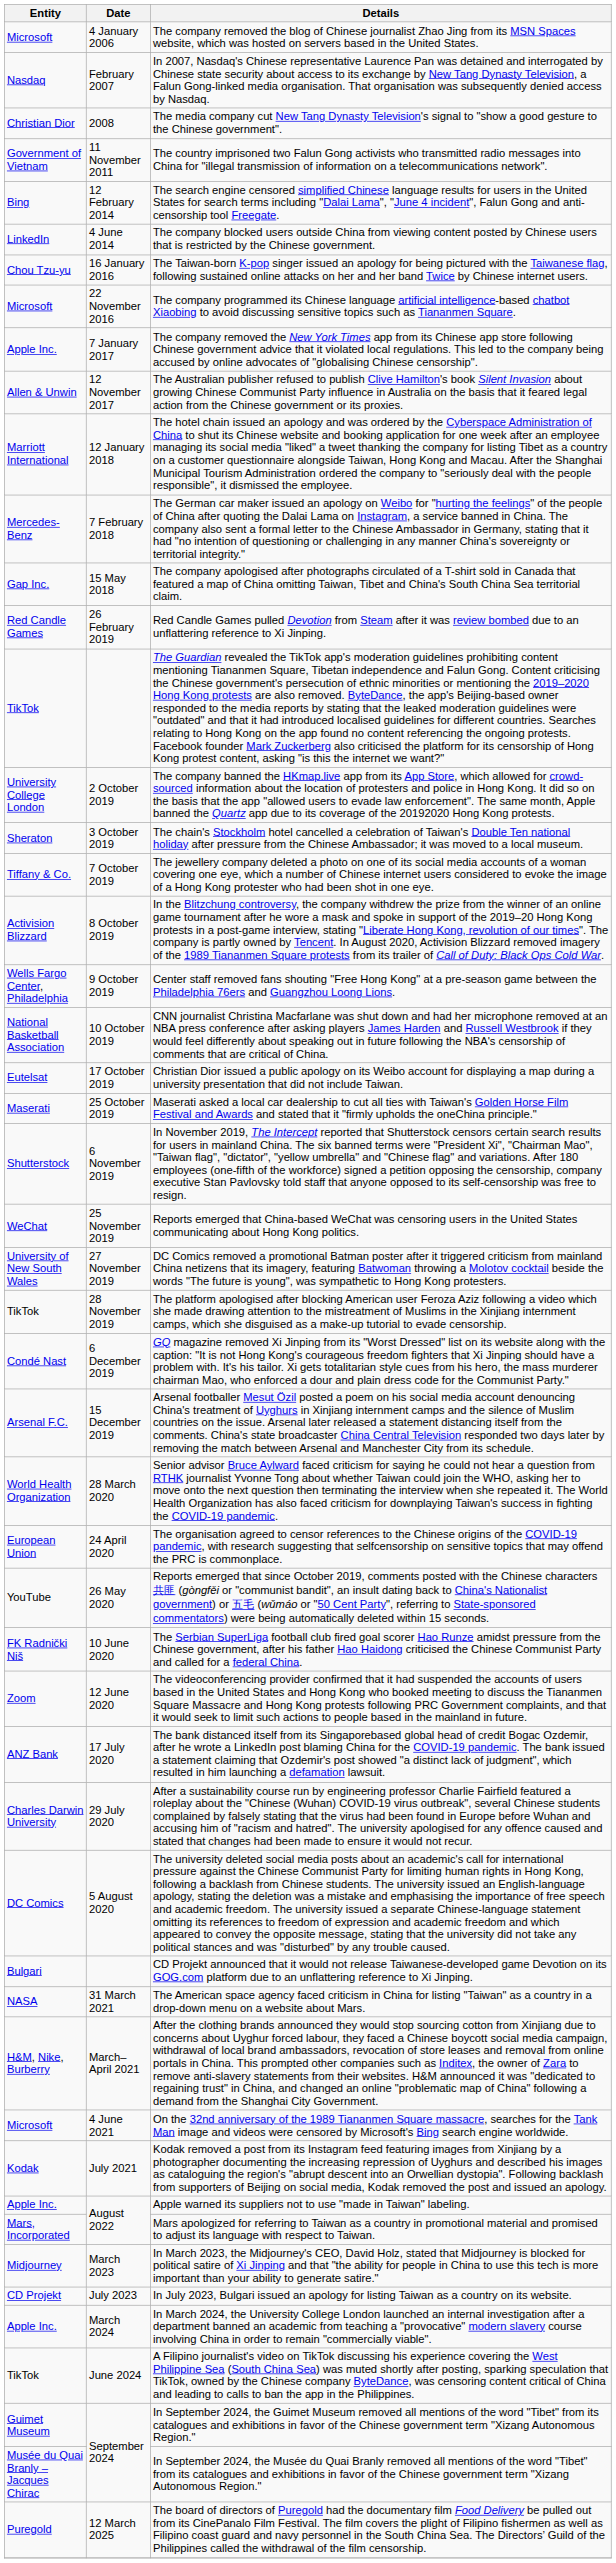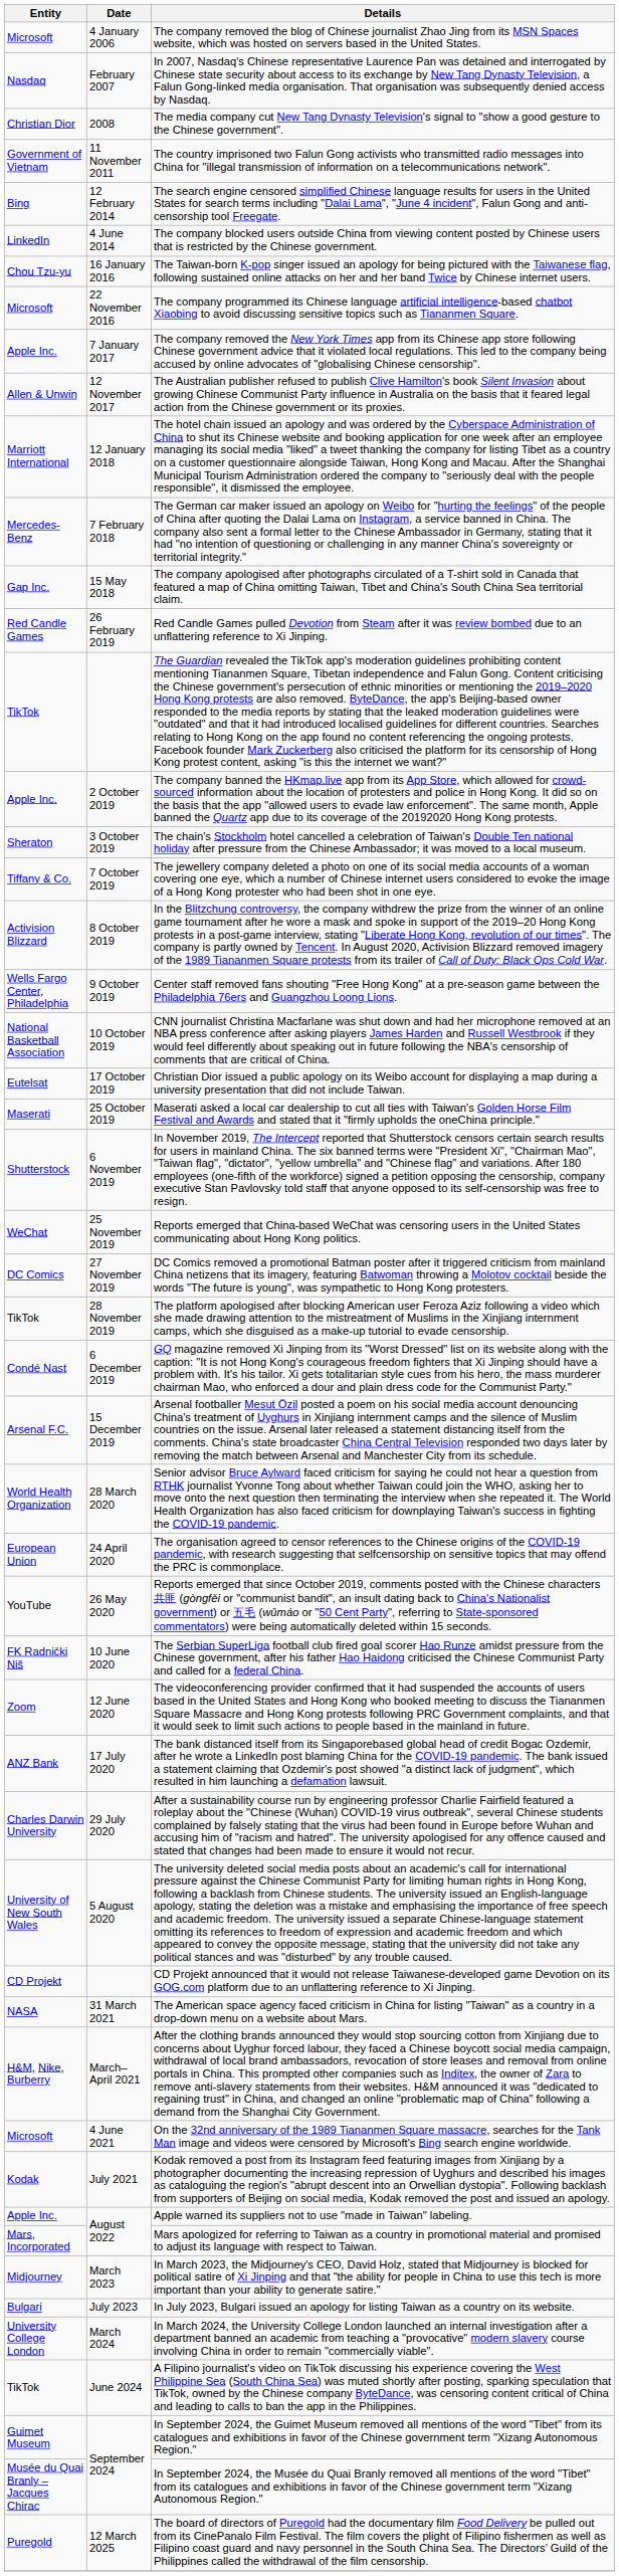 <table class="wikitable sticky-header">
 <tr>
 <th>Entity</th>
 <th>Date</th>
 <th>Details</th>
 </tr>
 <tr>
 <td><a href='#'>Microsoft</a></td>
 <td>4 January 2006</td>
 <td>The company removed the blog of Chinese journalist Zhao Jing from its <a href='#'>MSN Spaces</a> website, which was hosted on servers based in the United States.</td>
 </tr>
 <tr>
 <td><a href='#'>Nasdaq</a></td>
 <td>February 2007</td>
 <td>In 2007, Nasdaq's Chinese representative Laurence Pan was detained and interrogated by Chinese state security about access to its exchange by <a href='#'>New Tang Dynasty Television</a>, a Falun Gong-linked media organisation. That organisation was subsequently denied access by Nasdaq.</td>
 </tr>
 <tr>
 <td><a href='#'>Christian Dior</a></td>
 <td>2008</td>
 <td>The media company cut <a href='#'>New Tang Dynasty Television</a>'s signal to "show a good gesture to the Chinese government".</td>
 </tr>
 <tr>
 <td><a href='#'>Government of Vietnam</a></td>
 <td>11 November 2011</td>
 <td>The country imprisoned two Falun Gong activists who transmitted radio messages into China for "illegal transmission of information on a telecommunications network".</td>
 </tr>
 <tr>
 <td><a href='#'>Bing</a></td>
 <td>12 February 2014</td>
 <td>The search engine censored <a href='#'>simplified Chinese</a> language results for users in the United States for search terms including "<a href='#'>Dalai Lama</a>", "<a href='#'>June 4 incident</a>", Falun Gong and anti-censorship tool <a href='#'>Freegate</a>.</td>
 </tr>
 <tr>
 <td><a href='#'>LinkedIn</a></td>
 <td>4 June 2014</td>
 <td>The company blocked users outside China from viewing content posted by Chinese users that is restricted by the Chinese government.</td>
 </tr>
 <tr>
 <td><a href='#'>Chou Tzu-yu</a></td>
 <td>16 January 2016</td>
 <td>The Taiwan-born <a href='#'>K-pop</a> singer issued an apology for being pictured with the <a href='#'>Taiwanese flag</a>, following sustained online attacks on her and her band <a href='#'>Twice</a> by Chinese internet users.</td>
 </tr>
 <tr>
 <td><a href='#'>Microsoft</a></td>
 <td>22 November 2016</td>
 <td>The company programmed its Chinese language <a href='#'>artificial intelligence</a>-based <a href='#'>chatbot</a> <a href='#'>Xiaobing</a> to avoid discussing sensitive topics such as <a href='#'>Tiananmen Square</a>.</td>
 </tr>
 <tr>
 <td><a href='#'>Apple Inc.</a></td>
 <td>7 January 2017</td>
 <td>The company removed the <em><a href='#'>New York Times</a></em> app from its Chinese app store following Chinese government advice that it violated local regulations. This led to the company being accused by online advocates of "globalising Chinese censorship".</td>
 </tr>
 <tr>
 <td><a href='#'>Allen & Unwin</a></td>
 <td>12 November 2017</td>
 <td>The Australian publisher refused to publish <a href='#'>Clive Hamilton</a>'s book <em><a href='#'>Silent Invasion</a></em> about growing Chinese Communist Party influence in Australia on the basis that it feared legal action from the Chinese government or its proxies.</td>
 </tr>
 <tr>
 <td><a href='#'>Marriott International</a></td>
 <td>12 January 2018</td>
 <td>The hotel chain issued an apology and was ordered by the <a href='#'>Cyberspace Administration of China</a> to shut its Chinese website and booking application for one week after an employee managing its social media "liked" a tweet thanking the company for listing Tibet as a country on a customer questionnaire alongside Taiwan, Hong Kong and Macau. After the Shanghai Municipal Tourism Administration ordered the company to "seriously deal with the people responsible", it dismissed the employee.</td>
 </tr>
 <tr>
 <td><a href='#'>Mercedes-Benz</a></td>
 <td>7 February 2018</td>
 <td>The German car maker issued an apology on <a href='#'>Weibo</a> for "<a href='#'>hurting the feelings</a>" of the people of China after quoting the Dalai Lama on <a href='#'>Instagram</a>, a service banned in China. The company also sent a formal letter to the Chinese Ambassador in Germany, stating that it had "no intention of questioning or challenging in any manner China's sovereignty or territorial integrity."</td>
 </tr>
 <tr>
 <td><a href='#'>Gap Inc.</a></td>
 <td>15 May 2018</td>
 <td>The company apologised after photographs circulated of a T-shirt sold in Canada that featured a map of China omitting Taiwan, Tibet and China's South China Sea territorial claim.</td>
 </tr>
 <tr>
 <td><a href='#'>Red Candle Games</a></td>
 <td>26 February 2019</td>
 <td>Red Candle Games pulled <a href='#'><em>Devotion</em></a> from <a href='#'>Steam</a> after it was <a href='#'>review bombed</a> due to an unflattering reference to Xi Jinping.</td>
 </tr>
 <tr>
 <td><a href='#'>TikTok</a></td>
 <td></td>
 <td><em><a href='#'>The Guardian</a></em> revealed the TikTok app's moderation guidelines prohibiting content mentioning Tiananmen Square, Tibetan independence and Falun Gong. Content criticising the Chinese government's persecution of ethnic minorities or mentioning the <a href='#'>2019–2020 Hong Kong protests</a> are also removed. <a href='#'>ByteDance</a>, the app's Beijing-based owner responded to the media reports by stating that the leaked moderation guidelines were "outdated" and that it had introduced localised guidelines for different countries. Searches relating to Hong Kong on the app found no content referencing the ongoing protests. Facebook founder <a href='#'>Mark Zuckerberg</a> also criticised the platform for its censorship of Hong Kong protest content, asking "is this the internet we want?"</td>
 </tr>
 <tr>
-<td><a href='#'>University College London</a></td>
+<td><a href='#'>Apple Inc.</a></td>
 <td>2 October 2019</td>
 <td>The company banned the <a href='#'>HKmap.live</a> app from its <a href='#'>App Store</a>, which allowed for <a href='#'>crowd-sourced</a> information about the location of protesters and police in Hong Kong. It did so on the basis that the app "allowed users to evade law enforcement". The same month, Apple banned the <em><a href='#'>Quartz</a></em> app due to its coverage of the 20192020 Hong Kong protests.</td>
 </tr>
 <tr>
 <td><a href='#'>Sheraton</a></td>
 <td>3 October 2019</td>
 <td>The chain's <a href='#'>Stockholm</a> hotel cancelled a celebration of Taiwan's <a href='#'>Double Ten national holiday</a> after pressure from the Chinese Ambassador; it was moved to a local museum.</td>
 </tr>
 <tr>
 <td><a href='#'>Tiffany & Co.</a></td>
 <td>7 October 2019</td>
 <td>The jewellery company deleted a photo on one of its social media accounts of a woman covering one eye, which a number of Chinese internet users considered to evoke the image of a Hong Kong protester who had been shot in one eye.</td>
 </tr>
 <tr>
 <td><a href='#'>Activision Blizzard</a></td>
 <td>8 October 2019</td>
 <td>In the <a href='#'>Blitzchung controversy</a>, the company withdrew the prize from the winner of an online game tournament after he wore a mask and spoke in support of the 2019–20 Hong Kong protests in a post-game interview, stating "<a href='#'>Liberate Hong Kong, revolution of our times</a>". The company is partly owned by <a href='#'>Tencent</a>. In August 2020, Activision Blizzard removed imagery of the <a href='#'>1989 Tiananmen Square protests</a> from its trailer of <em><a href='#'>Call of Duty: Black Ops Cold War</a></em>.</td>
 </tr>
 <tr>
 <td><a href='#'>Wells Fargo Center</a>, <a href='#'>Philadelphia</a></td>
 <td>9 October 2019</td>
 <td>Center staff removed fans shouting "Free Hong Kong" at a pre-season game between the <a href='#'>Philadelphia 76ers</a> and <a href='#'>Guangzhou Loong Lions</a>.</td>
 </tr>
 <tr>
 <td><a href='#'>National Basketball Association</a></td>
 <td>10 October 2019</td>
 <td>CNN journalist Christina Macfarlane was shut down and had her microphone removed at an NBA press conference after asking players <a href='#'>James Harden</a> and <a href='#'>Russell Westbrook</a> if they would feel differently about speaking out in future following the NBA's censorship of comments that are critical of China.</td>
 </tr>
 <tr>
 <td><a href='#'>Eutelsat</a></td>
 <td>17 October 2019</td>
 <td>Christian Dior issued a public apology on its Weibo account for displaying a map during a university presentation that did not include Taiwan.</td>
 </tr>
 <tr>
 <td><a href='#'>Maserati</a></td>
 <td>25 October 2019</td>
 <td>Maserati asked a local car dealership to cut all ties with Taiwan's <a href='#'>Golden Horse Film Festival and Awards</a> and stated that it "firmly upholds the oneChina principle."</td>
 </tr>
 <tr>
 <td><a href='#'>Shutterstock</a></td>
 <td>6 November 2019</td>
 <td>In November 2019, <em><a href='#'>The Intercept</a></em> reported that Shutterstock censors certain search results for users in mainland China. The six banned terms were  "President Xi", "Chairman Mao", "Taiwan flag", "dictator", "yellow umbrella" and "Chinese flag" and variations. After 180 employees (one-fifth of the workforce) signed a petition opposing the censorship, company executive Stan Pavlovsky told staff that anyone opposed to its self-censorship was free to resign.</td>
 </tr>
 <tr>
 <td><a href='#'>WeChat</a></td>
 <td>25 November 2019</td>
 <td>Reports emerged that China-based WeChat was censoring users in the United States communicating about Hong Kong politics.</td>
 </tr>
 <tr>
-<td><a href='#'>University of New South Wales</a></td>
+<td><a href='#'>DC Comics</a></td>
 <td>27 November 2019</td>
 <td>DC Comics removed a promotional Batman poster after it triggered criticism from mainland China netizens that its imagery, featuring <a href='#'>Batwoman</a> throwing a <a href='#'>Molotov cocktail</a> beside the words "The future is young", was sympathetic to Hong Kong protesters.</td>
 </tr>
 <tr>
 <td>TikTok</td>
 <td>28 November 2019</td>
 <td>The platform apologised after blocking American user Feroza Aziz following a video which she made drawing attention to the mistreatment of Muslims in the Xinjiang internment camps, which she disguised as a make-up tutorial to evade censorship.</td>
 </tr>
 <tr>
 <td><a href='#'>Condé Nast</a></td>
 <td>6 December 2019</td>
 <td><em><a href='#'>GQ</a></em> magazine removed Xi Jinping from its "Worst Dressed" list on its website along with the caption: "It is not Hong Kong's courageous freedom fighters that Xi Jinping should have a problem with. It's his tailor. Xi gets totalitarian style cues from his hero, the mass murderer chairman Mao, who enforced a dour and plain dress code for the Communist Party."</td>
 </tr>
 <tr>
 <td><a href='#'>Arsenal F.C.</a></td>
 <td>15 December 2019</td>
 <td>Arsenal footballer <a href='#'>Mesut Özil</a> posted a poem on his social media account denouncing China's treatment of <a href='#'>Uyghurs</a> in Xinjiang internment camps and the silence of Muslim countries on the issue. Arsenal later released a statement distancing itself from the comments. China's state broadcaster <a href='#'>China Central Television</a> responded two days later by removing the match between Arsenal and Manchester City from its schedule.</td>
 </tr>
 <tr>
 <td><a href='#'>World Health Organization</a></td>
 <td>28 March 2020</td>
 <td>Senior advisor <a href='#'>Bruce Aylward</a> faced criticism for saying he could not hear a question from <a href='#'>RTHK</a> journalist Yvonne Tong about whether Taiwan could join the WHO, asking her to move onto the next question then terminating the interview when she repeated it. The World Health Organization has also faced criticism for downplaying Taiwan's success in fighting the <a href='#'>COVID-19 pandemic</a>.</td>
 </tr>
 <tr>
 <td><a href='#'>European Union</a></td>
 <td>24 April 2020</td>
 <td>The organisation agreed to censor references to the Chinese origins of the <a href='#'>COVID-19 pandemic</a>, with research suggesting that selfcensorship on sensitive topics that may offend the PRC is commonplace.</td>
 </tr>
 <tr>
 <td>YouTube</td>
 <td>26 May 2020</td>
 <td>Reports emerged that since October 2019, comments posted with the Chinese characters <a href='#'>共匪</a> (<em>gòngfěi</em> or "communist bandit", an insult dating back to <a href='#'>China's Nationalist government</a>) or <a href='#'>五毛</a> (<em>wǔmáo</em> or "<a href='#'>50 Cent Party</a>", referring to <a href='#'>State-sponsored commentators</a>) were being automatically deleted within 15 seconds.</td>
 </tr>
 <tr>
 <td><a href='#'>FK Radnički Niš</a></td>
 <td>10 June 2020</td>
 <td>The <a href='#'>Serbian SuperLiga</a> football club fired goal scorer <a href='#'>Hao Runze</a> amidst pressure from the Chinese government, after his father <a href='#'>Hao Haidong</a> criticised the Chinese Communist Party and called for a <a href='#'>federal China</a>.</td>
 </tr>
 <tr>
 <td><a href='#'>Zoom</a></td>
 <td>12 June 2020</td>
 <td>The videoconferencing provider confirmed that it had suspended the accounts of users based in the United States and Hong Kong who booked meeting to discuss the Tiananmen Square Massacre and Hong Kong protests following PRC Government complaints, and that it would seek to limit such actions to people based in the mainland in future.</td>
 </tr>
 <tr>
 <td><a href='#'>ANZ Bank</a></td>
 <td>17 July 2020</td>
 <td>The bank distanced itself from its Singaporebased global head of credit Bogac Ozdemir, after he wrote a LinkedIn post blaming China for the <a href='#'>COVID-19 pandemic</a>. The bank issued a statement claiming that Ozdemir's post showed "a distinct lack of judgment", which resulted in him launching a <a href='#'>defamation</a> lawsuit.</td>
 </tr>
 <tr>
 <td><a href='#'>Charles Darwin University</a></td>
 <td>29 July 2020</td>
 <td>After a sustainability course run by engineering professor Charlie Fairfield featured a roleplay about the "Chinese (Wuhan) COVID-19 virus outbreak", several Chinese students complained by falsely stating that the virus had been found in Europe before Wuhan and accusing him of "racism and hatred". The university apologised for any offence caused and stated that changes had been made to ensure it would not recur.</td>
 </tr>
 <tr>
-<td><a href='#'>DC Comics</a></td>
+<td><a href='#'>University of New South Wales</a></td>
 <td>5 August 2020</td>
 <td>The university deleted social media posts about an academic's call for international pressure against the Chinese Communist Party for limiting human rights in Hong Kong, following a backlash from Chinese students. The university issued an English-language apology, stating the deletion was a mistake and emphasising the importance of free speech and academic freedom. The university issued a separate Chinese-language statement omitting its references to freedom of expression and academic freedom and which appeared to convey the opposite message, stating that the university did not take any political stances and was "disturbed" by any trouble caused.</td>
 </tr>
 <tr>
-<td><a href='#'>Bulgari</a></td>
+<td><a href='#'>CD Projekt</a></td>
 <td></td>
 <td>CD Projekt announced that it would not release Taiwanese-developed game Devotion on its <a href='#'>GOG.com</a> platform due to an unflattering reference to Xi Jinping.</td>
 </tr>
 <tr>
 <td><a href='#'>NASA</a></td>
 <td>31 March 2021</td>
 <td>The American space agency faced criticism in China for listing "Taiwan" as a country in a drop-down menu on a website about Mars.</td>
 </tr>
 <tr>
 <td><a href='#'>H&M</a>, <a href='#'>Nike</a>, <a href='#'>Burberry</a></td>
 <td>March–April 2021</td>
 <td>After the clothing brands announced they would stop sourcing cotton from Xinjiang due to concerns about Uyghur forced labour, they faced a Chinese boycott social media campaign, withdrawal of local brand ambassadors, revocation of store leases and removal from online portals in China. This prompted other companies such as <a href='#'>Inditex</a>, the owner of <a href='#'>Zara</a> to remove anti-slavery statements from their websites. H&M announced it was "dedicated to regaining trust" in China, and changed an online "problematic map of China" following a demand from the Shanghai City Government.</td>
 </tr>
 <tr>
 <td><a href='#'>Microsoft</a></td>
 <td>4 June 2021</td>
 <td>On the <a href='#'>32nd anniversary of the 1989 Tiananmen Square massacre</a>, searches for the <a href='#'>Tank Man</a> image and videos were censored by Microsoft's <a href='#'>Bing</a> search engine worldwide.</td>
 </tr>
 <tr>
 <td><a href='#'>Kodak</a></td>
 <td>July 2021</td>
 <td>Kodak removed a post from its Instagram feed featuring images from Xinjiang by a photographer documenting the increasing repression of Uyghurs and described his images as cataloguing the region's "abrupt descent into an Orwellian dystopia". Following backlash from supporters of Beijing on social media, Kodak removed the post and issued an apology.</td>
 </tr>
 <tr>
 <td><a href='#'>Apple Inc.</a></td>
 <td rowspan="2">August 2022</td>
 <td>Apple warned its suppliers not to use "made in Taiwan" labeling.</td>
 </tr>
 <tr>
 <td><a href='#'>Mars, Incorporated</a></td>
 <td>Mars apologized for referring to Taiwan as a country in promotional material and promised to adjust its language with respect to Taiwan.</td>
 </tr>
 <tr>
 <td><a href='#'>Midjourney</a></td>
 <td>March 2023</td>
 <td>In March 2023, the Midjourney's CEO, David Holz, stated that Midjourney is blocked for political satire of <a href='#'>Xi Jinping</a> and that "the ability for people in China to use this tech is more important than your ability to generate satire."</td>
 </tr>
 <tr>
-<td><a href='#'>CD Projekt</a></td>
+<td><a href='#'>Bulgari</a></td>
 <td>July 2023</td>
 <td>In July 2023, Bulgari issued an apology for listing Taiwan as a country on its website.</td>
 </tr>
 <tr>
-<td><a href='#'>Apple Inc.</a></td>
+<td><a href='#'>University College London</a></td>
 <td>March 2024</td>
 <td>In March 2024, the University College London launched an internal investigation after a department banned an academic from teaching a "provocative" <a href='#'>modern slavery</a> course involving China in order to remain "commercially viable".</td>
 </tr>
 <tr>
 <td>TikTok</td>
 <td>June 2024</td>
 <td>A Filipino journalist's video on TikTok discussing his experience covering the <a href='#'>West Philippine Sea</a> (<a href='#'>South China Sea</a>) was muted shortly after posting, sparking speculation that TikTok, owned by the Chinese company <a href='#'>ByteDance</a>, was censoring content critical of China and leading to calls to ban the app in the Philippines.</td>
 </tr>
 <tr>
 <td><a href='#'>Guimet Museum</a></td>
 <td rowspan="2">September 2024</td>
 <td>In September 2024, the Guimet Museum removed all mentions of the word "Tibet" from its catalogues and exhibitions in favor of the Chinese government term "Xizang Autonomous Region."</td>
 </tr>
 <tr>
 <td><a href='#'>Musée du Quai Branly – Jacques Chirac</a></td>
 <td>In September 2024, the Musée du Quai Branly removed all mentions of the word "Tibet" from its catalogues and exhibitions in favor of the Chinese government term "Xizang Autonomous Region."</td>
 </tr>
 <tr>
 <td><a href='#'>Puregold</a></td>
 <td>12 March 2025</td>
 <td>The board of directors of <a href='#'>Puregold</a> had the documentary film <em><a href='#'>Food Delivery</a></em> be pulled out from its CinePanalo Film Festival. The film covers the plight of Filipino fishermen as well as Filipino coast guard and navy personnel in the South China Sea. The Directors’ Guild of the Philippines called the withdrawal of the film censorship.</td>
 </tr>
 <tr>
 </tr>
 </table>
